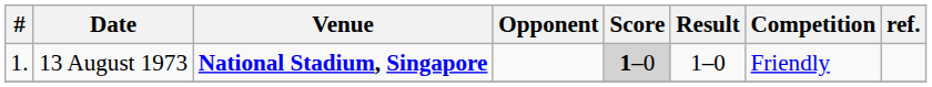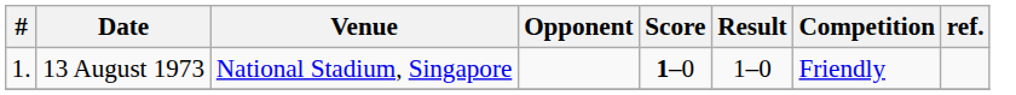 <table class="wikitable" style="font-size:95%">
 <tr>
 <th>#</th>
 <th>Date</th>
 <th>Venue</th>
 <th>Opponent</th>
 <th>Score</th>
 <th>Result</th>
 <th>Competition</th>
 <th>ref.</th>
 </tr>
 <tr>
 <td>1.</td>
 <td>13 August 1973</td>
-<td><strong><a href='#'>National Stadium</a>, <a href='#'>Singapore</a></strong></td>
+<td><a href='#'>National Stadium</a>, <a href='#'>Singapore</a></td>
 <td></td>
-<td style="background: lightgrey; text-align:center;"><strong>1</strong>–0</td>
+<td style="text-align:center;"><strong>1</strong>–0</td>
 <td style="text-align:center;">1–0</td>
 <td><a href='#'>Friendly</a></td>
 <td></td>
 </tr>
 <tr>
 </tr>
 </table>
